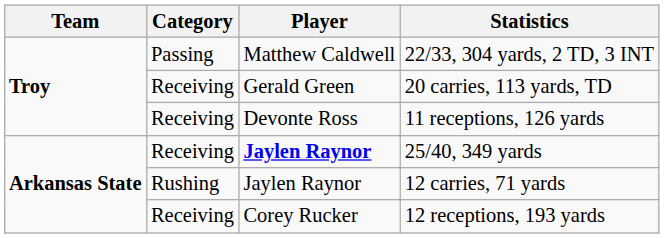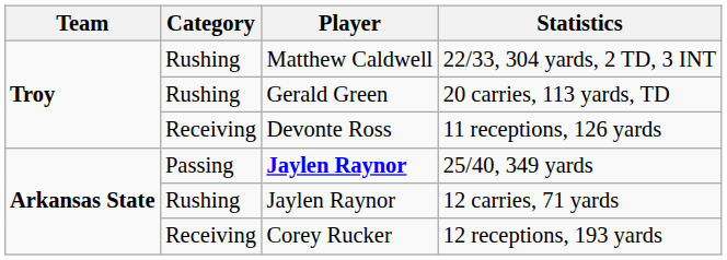 <table class="wikitable" style="float: right;">
 <tr>
 <th>Team</th>
 <th>Category</th>
 <th>Player</th>
 <th>Statistics</th>
 </tr>
 <tr>
 <td rowspan=3><strong>Troy</strong></td>
-<td>Passing</td>
+<td>Rushing</td>
 <td>Matthew Caldwell</td>
 <td>22/33, 304 yards, 2 TD, 3 INT</td>
 </tr>
 <tr>
-<td>Receiving</td>
+<td>Rushing</td>
 <td>Gerald Green</td>
 <td>20 carries, 113 yards, TD</td>
 </tr>
 <tr>
 <td>Receiving</td>
 <td>Devonte Ross</td>
 <td>11 receptions, 126 yards</td>
 </tr>
 <tr>
 <td rowspan=3><strong>Arkansas State</strong></td>
-<td>Receiving</td>
+<td>Passing</td>
 <td><strong><a href='#'>Jaylen Raynor</a></strong></td>
 <td>25/40, 349 yards</td>
 </tr>
 <tr>
 <td>Rushing</td>
 <td>Jaylen Raynor</td>
 <td>12 carries, 71 yards</td>
 </tr>
 <tr>
 <td>Receiving</td>
 <td>Corey Rucker</td>
 <td>12 receptions, 193 yards</td>
 </tr>
 </table>
